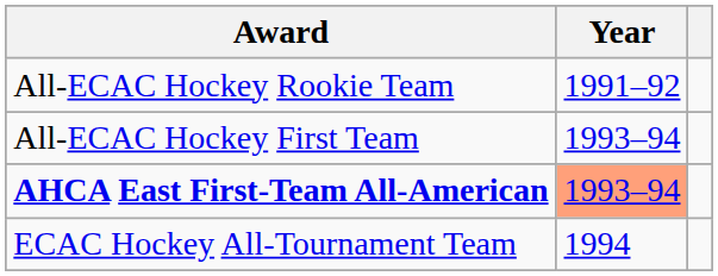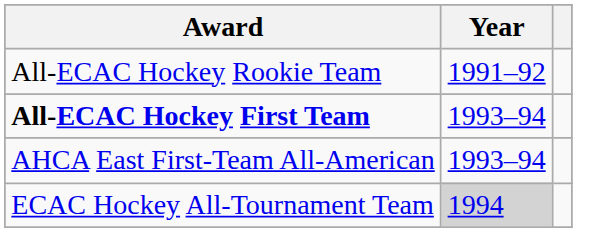 <table class="wikitable">
 <tr>
 <th>Award</th>
 <th>Year</th>
 <th> </th>
 </tr>
 <tr>
 <td>All-<a href='#'>ECAC Hockey</a> <a href='#'>Rookie Team</a></td>
 <td><a href='#'>1991–92</a></td>
 <td></td>
 </tr>
 <tr>
-<td>All-<a href='#'>ECAC Hockey</a> <a href='#'>First Team</a></td>
+<td><strong>All-<a href='#'>ECAC Hockey</a> <a href='#'>First Team</a></strong></td>
 <td><a href='#'>1993–94</a></td>
 <td></td>
 </tr>
 <tr>
-<td><strong><a href='#'>AHCA</a> <a href='#'>East First-Team All-American</a></strong></td>
-<td style="background: lightsalmon;"><a href='#'>1993–94</a></td>
+<td><a href='#'>AHCA</a> <a href='#'>East First-Team All-American</a></td>
+<td><a href='#'>1993–94</a></td>
 <td></td>
 </tr>
 <tr>
 <td><a href='#'>ECAC Hockey</a> <a href='#'>All-Tournament Team</a></td>
-<td><a href='#'>1994</a></td>
+<td style="background: lightgrey;"><a href='#'>1994</a></td>
 <td></td>
 </tr>
 </table>
